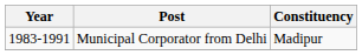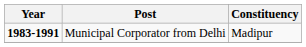 <table class="wikitable">
 <tr>
 <th>Year</th>
 <th>Post</th>
 <th>Constituency</th>
 </tr>
 <tr>
-<td>1983-1991</td>
+<td><strong>1983-1991</strong></td>
 <td>Municipal Corporator from Delhi</td>
 <td>Madipur</td>
 </tr>
 <tr>
 </tr>
 </table>
